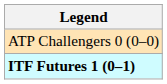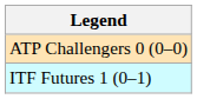 <table class=wikitable style=font-size:97%>
 <tr>
 <th>Legend</th>
 </tr>
 <tr style="background:moccasin;">
 <td>ATP Challengers 0 (0–0)</td>
 </tr>
 <tr style="background:#cffcff;">
-<td><strong>ITF Futures 1 (0–1)</strong></td>
+<td>ITF Futures 1 (0–1)</td>
 </tr>
 </table>
